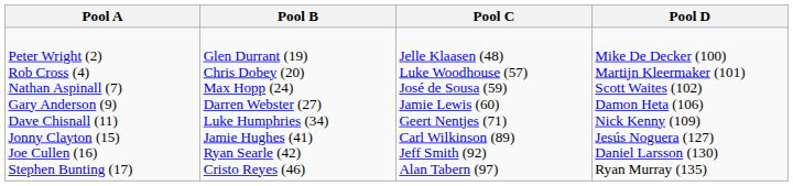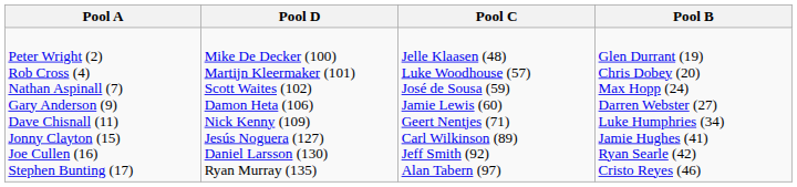 <table class="wikitable">
 <tr>
 <th width=220>Pool A</th>
+<th width=220>Pool D</th>
+<th width=220>Pool C</th>
 <th width=220>Pool B</th>
-<th width=220>Pool C</th>
-<th width=220>Pool D</th>
 </tr>
 <tr>
 <td valign="top"><br> <a href='#'>Peter Wright</a> (2)<br>  <a href='#'>Rob Cross</a> (4)<br>  <a href='#'>Nathan Aspinall</a> (7)<br>  <a href='#'>Gary Anderson</a> (9)<br>  <a href='#'>Dave Chisnall</a> (11)<br>  <a href='#'>Jonny Clayton</a> (15)<br>  <a href='#'>Joe Cullen</a> (16)<br>  <a href='#'>Stephen Bunting</a> (17)</td>
+<td valign="top"><br> <a href='#'>Mike De Decker</a> (100)<br>  <a href='#'>Martijn Kleermaker</a> (101)<br>  <a href='#'>Scott Waites</a> (102)<br>  <a href='#'>Damon Heta</a> (106)<br>  <a href='#'>Nick Kenny</a> (109)<br>  <a href='#'>Jesús Noguera</a> (127)<br>  <a href='#'>Daniel Larsson</a> (130)<br>  Ryan Murray (135)<br></td>
+<td valign="top"><br> <a href='#'>Jelle Klaasen</a> (48)<br>  <a href='#'>Luke Woodhouse</a> (57)<br>  <a href='#'>José de Sousa</a> (59)<br>  <a href='#'>Jamie Lewis</a> (60)<br>  <a href='#'>Geert Nentjes</a> (71)<br>  <a href='#'>Carl Wilkinson</a> (89)<br>  <a href='#'>Jeff Smith</a> (92)<br>  <a href='#'>Alan Tabern</a> (97)</td>
 <td valign="top"><br> <a href='#'>Glen Durrant</a> (19)<br>  <a href='#'>Chris Dobey</a> (20)<br>  <a href='#'>Max Hopp</a> (24)<br>  <a href='#'>Darren Webster</a> (27)<br>  <a href='#'>Luke Humphries</a> (34)<br>  <a href='#'>Jamie Hughes</a> (41)<br>  <a href='#'>Ryan Searle</a> (42)<br>  <a href='#'>Cristo Reyes</a> (46)</td>
-<td valign="top"><br> <a href='#'>Jelle Klaasen</a> (48)<br>  <a href='#'>Luke Woodhouse</a> (57)<br>  <a href='#'>José de Sousa</a> (59)<br>  <a href='#'>Jamie Lewis</a> (60)<br>  <a href='#'>Geert Nentjes</a> (71)<br>  <a href='#'>Carl Wilkinson</a> (89)<br>  <a href='#'>Jeff Smith</a> (92)<br>  <a href='#'>Alan Tabern</a> (97)</td>
-<td valign="top"><br> <a href='#'>Mike De Decker</a> (100)<br>  <a href='#'>Martijn Kleermaker</a> (101)<br>  <a href='#'>Scott Waites</a> (102)<br>  <a href='#'>Damon Heta</a> (106)<br>  <a href='#'>Nick Kenny</a> (109)<br>  <a href='#'>Jesús Noguera</a> (127)<br>  <a href='#'>Daniel Larsson</a> (130)<br>  Ryan Murray (135)<br></td>
 </tr>
 </table>
